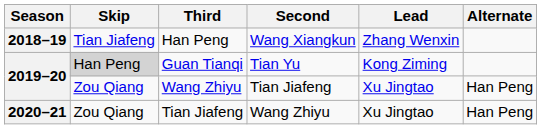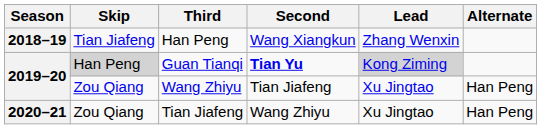 <table class="wikitable">
 <tr>
 <th scope="col">Season</th>
 <th scope="col">Skip</th>
 <th scope="col">Third</th>
 <th scope="col">Second</th>
 <th scope="col">Lead</th>
 <th scope="col">Alternate</th>
 </tr>
 <tr>
 <th scope="row">2018–19</th>
 <td><a href='#'>Tian Jiafeng</a></td>
 <td>Han Peng</td>
 <td><a href='#'>Wang Xiangkun</a></td>
 <td><a href='#'>Zhang Wenxin</a></td>
 <td></td>
 </tr>
 <tr>
 <th scope="row" rowspan="2">2019–20</th>
 <td style="background: lightgrey;">Han Peng</td>
 <td><a href='#'>Guan Tianqi</a></td>
-<td><a href='#'>Tian Yu</a></td>
-<td><a href='#'>Kong Ziming</a></td>
+<td><strong><a href='#'>Tian Yu</a></strong></td>
+<td style="background: lightgrey;"><a href='#'>Kong Ziming</a></td>
 <td></td>
 </tr>
 <tr>
 <td><a href='#'>Zou Qiang</a></td>
 <td><a href='#'>Wang Zhiyu</a></td>
 <td>Tian Jiafeng</td>
 <td><a href='#'>Xu Jingtao</a></td>
 <td>Han Peng</td>
 </tr>
 <tr>
 <th scope="row">2020–21</th>
 <td>Zou Qiang</td>
 <td>Tian Jiafeng</td>
 <td>Wang Zhiyu</td>
 <td>Xu Jingtao</td>
 <td>Han Peng</td>
 </tr>
 </table>
